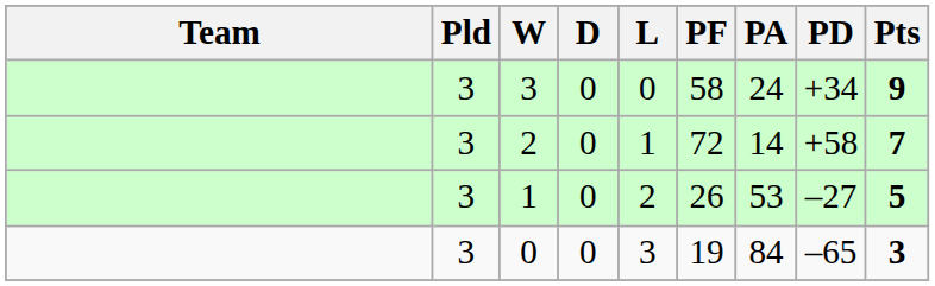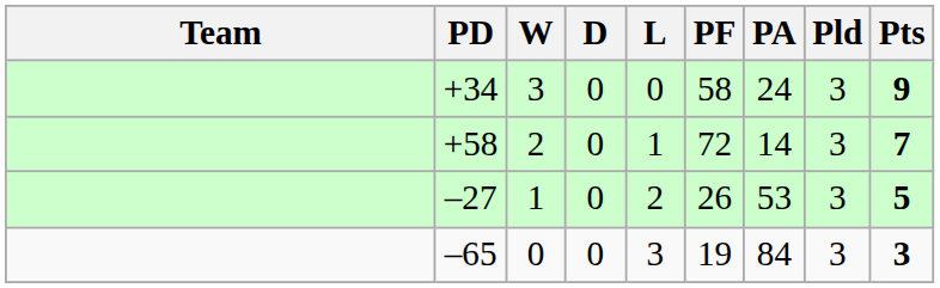 <table class="wikitable" style="text-align:center;">
 <tr>
 <th width=190>Team</th>
-<th width=20 abbr="Played">Pld</th>
+<th width=25 abbr="Points difference">PD</th>
 <th width=20 abbr="Won">W</th>
 <th width=20 abbr="Drawn">D</th>
 <th width=20 abbr="Lost">L</th>
 <th width=20 abbr="Points for">PF</th>
 <th width=20 abbr="Points against">PA</th>
-<th width=25 abbr="Points difference">PD</th>
+<th width=20 abbr="Played">Pld</th>
 <th width=20 abbr="Points">Pts</th>
 </tr>
 <tr style="background:#ccffcc">
 <td align=left></td>
-<td>3</td>
+<td>+34</td>
 <td>3</td>
 <td>0</td>
 <td>0</td>
 <td>58</td>
 <td>24</td>
-<td>+34</td>
+<td>3</td>
 <td><strong>9</strong></td>
 </tr>
 <tr style="background:#ccffcc">
 <td align=left></td>
-<td>3</td>
+<td>+58</td>
 <td>2</td>
 <td>0</td>
 <td>1</td>
 <td>72</td>
 <td>14</td>
-<td>+58</td>
+<td>3</td>
 <td><strong>7</strong></td>
 </tr>
 <tr style="background:#ccffcc">
 <td align=left></td>
-<td>3</td>
+<td>–27</td>
 <td>1</td>
 <td>0</td>
 <td>2</td>
 <td>26</td>
 <td>53</td>
-<td>–27</td>
+<td>3</td>
 <td><strong>5</strong></td>
 </tr>
 <tr>
 <td align=left></td>
-<td>3</td>
+<td>–65</td>
 <td>0</td>
 <td>0</td>
 <td>3</td>
 <td>19</td>
 <td>84</td>
-<td>–65</td>
+<td>3</td>
 <td><strong>3</strong></td>
 </tr>
 </table>
